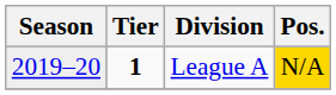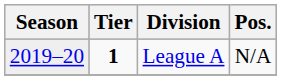 <table class="wikitable" style="font-size:85%; text-align:center">
 <tr>
 <th>Season</th>
 <th>Tier</th>
 <th>Division</th>
 <th>Pos.</th>
 </tr>
 <tr>
 <td bgcolor=#efefef><a href='#'>2019–20</a></td>
 <td><strong>1</strong></td>
 <td align=left><a href='#'>League A</a></td>
-<td style="background: gold;">N/A</td>
+<td>N/A</td>
 </tr>
 <tr>
 </tr>
 </table>
